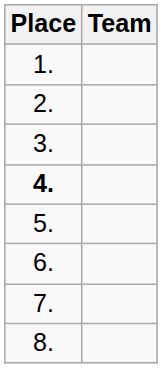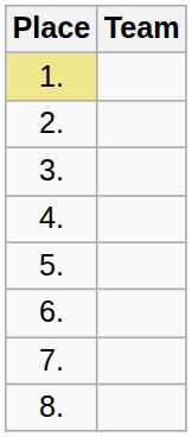 <table class="wikitable">
 <tr>
 <th>Place</th>
 <th>Team</th>
 </tr>
 <tr>
-<td align="center">1.</td>
+<td align="center" style="background: khaki;">1.</td>
 <td></td>
 </tr>
 <tr>
 <td align="center">2.</td>
 <td></td>
 </tr>
 <tr>
 <td align="center">3.</td>
 <td></td>
 </tr>
 <tr>
-<td align="center"><strong>4.</strong></td>
+<td align="center">4.</td>
 <td></td>
 </tr>
 <tr>
 <td align="center">5.</td>
 <td></td>
 </tr>
 <tr>
 <td align="center">6.</td>
 <td></td>
 </tr>
 <tr>
 <td align="center">7.</td>
 <td></td>
 </tr>
 <tr>
 <td align="center">8.</td>
 <td></td>
 </tr>
 </table>
